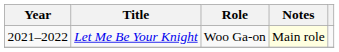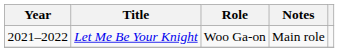 <table class="wikitable sortable">
 <tr>
 <th>Year</th>
 <th>Title</th>
 <th scope="col" class="unsortable">Role</th>
 <th scope="col" class="unsortable">Notes</th>
 <th scope="col" class="unsortable"></th>
 </tr>
 <tr>
 <td>2021–2022</td>
 <td><em><a href='#'>Let Me Be Your Knight</a></em></td>
 <td>Woo Ga-on</td>
-<td style="background: lightyellow;">Main role</td>
+<td>Main role</td>
 <td style="text-align:center;"></td>
 </tr>
 <tr>
 </tr>
 </table>
